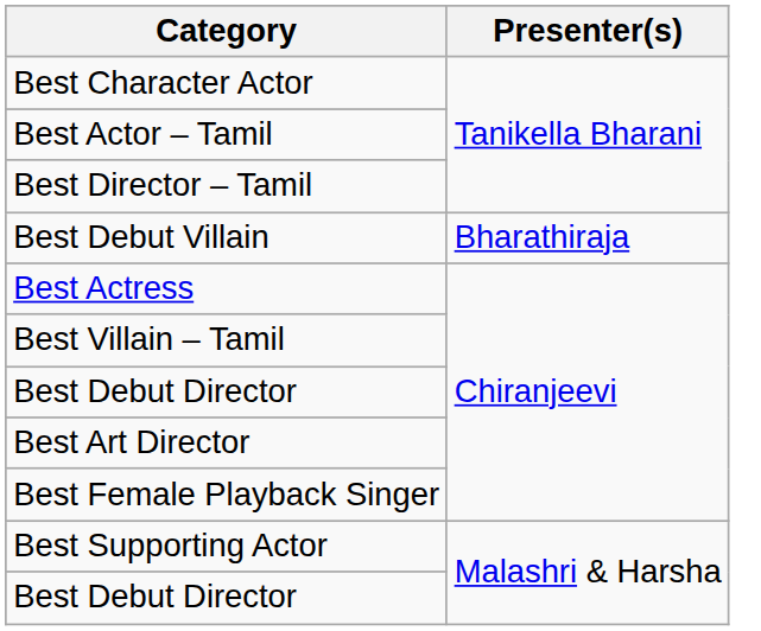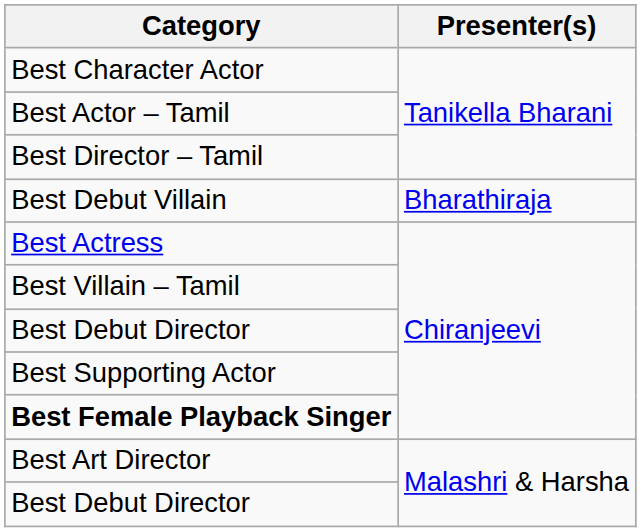 <table class="wikitable">
 <tr>
 <th>Category</th>
 <th>Presenter(s)</th>
 </tr>
 <tr>
 <td>Best Character Actor</td>
 <td rowspan="3"><a href='#'>Tanikella Bharani</a></td>
 </tr>
 <tr>
 <td>Best Actor – Tamil</td>
 </tr>
 <tr>
 <td>Best Director – Tamil</td>
 </tr>
 <tr>
 <td>Best Debut Villain</td>
 <td><a href='#'>Bharathiraja</a></td>
 </tr>
 <tr>
 <td><a href='#'>Best Actress</a></td>
 <td rowspan="5"><a href='#'>Chiranjeevi</a></td>
 </tr>
 <tr>
 <td>Best Villain – Tamil</td>
 </tr>
 <tr>
 <td>Best Debut Director</td>
 </tr>
 <tr>
-<td>Best Art Director</td>
+<td>Best Supporting Actor</td>
 </tr>
 <tr>
-<td>Best Female Playback Singer</td>
+<td><strong>Best Female Playback Singer</strong></td>
 </tr>
 <tr>
-<td>Best Supporting Actor</td>
+<td>Best Art Director</td>
 <td rowspan="2"><a href='#'>Malashri</a> & Harsha</td>
 </tr>
 <tr>
 <td>Best Debut Director</td>
 </tr>
 </table>
